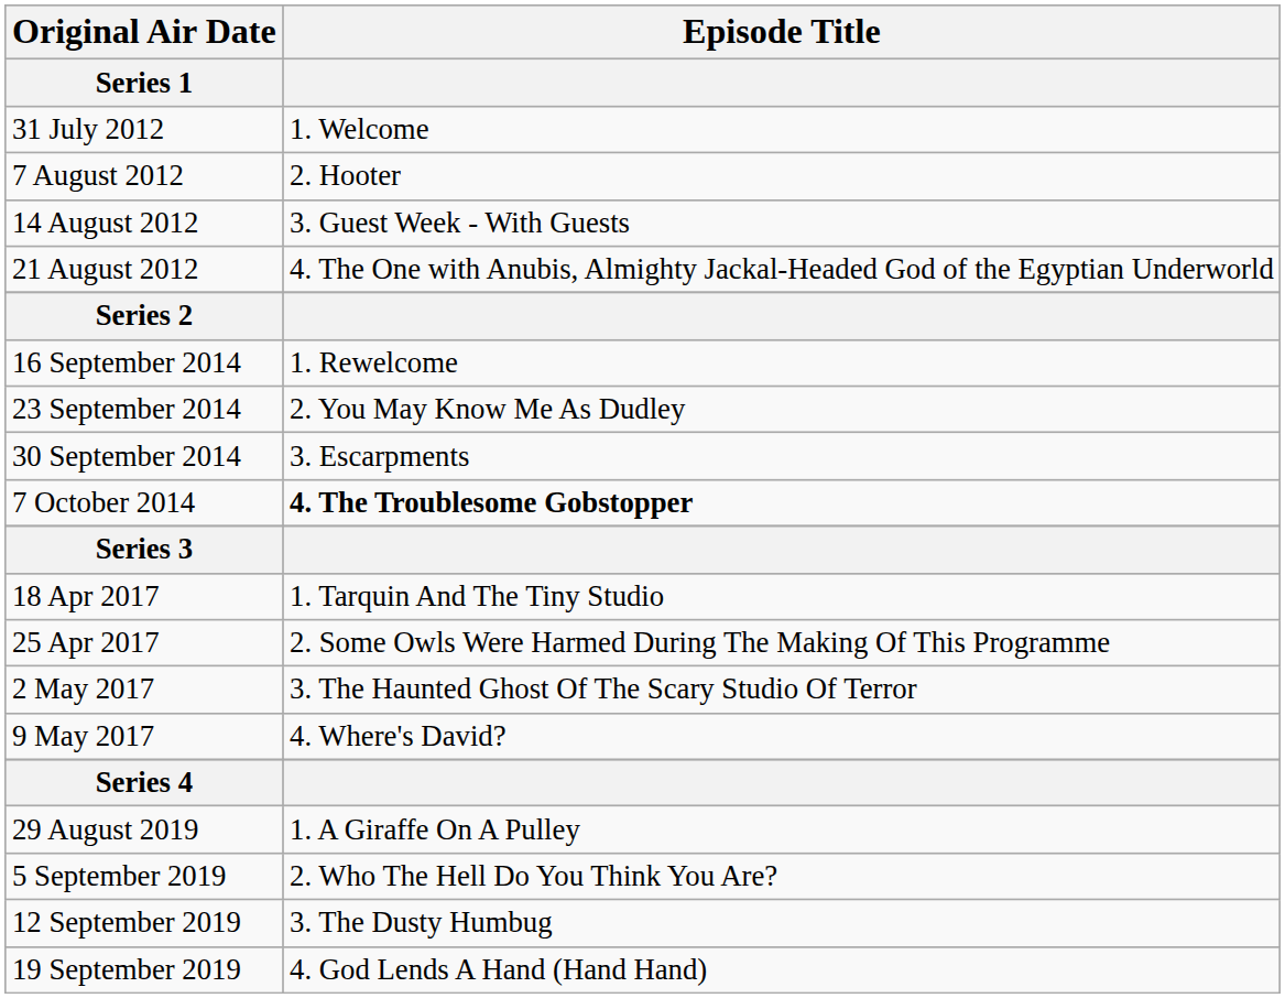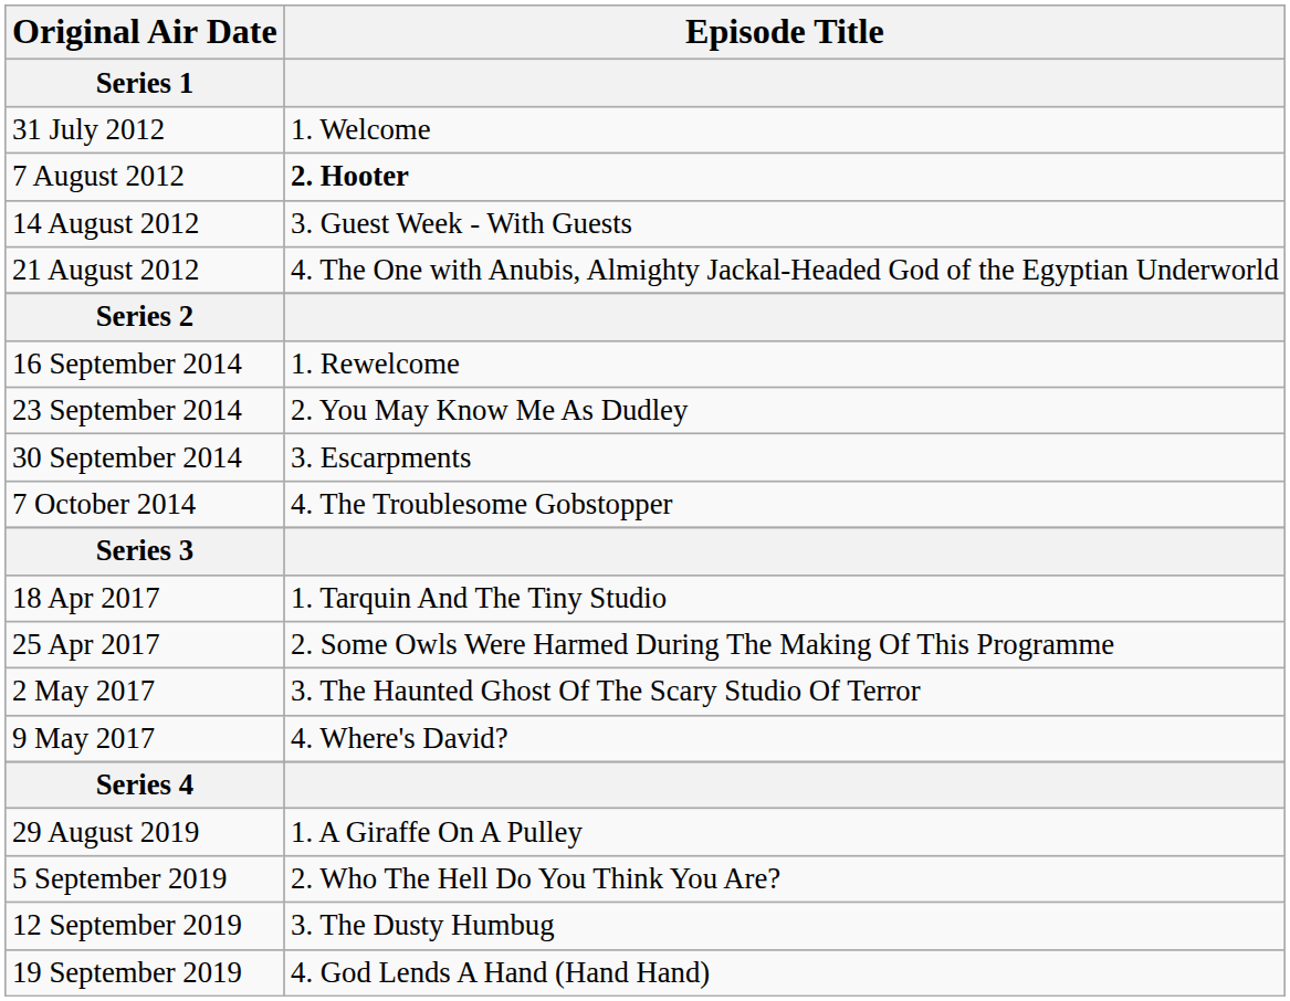 <table class="wikitable">
 <tr>
 <th><big>Original Air Date</big></th>
 <th><big>Episode Title</big></th>
 </tr>
 <tr>
 <th>Series 1</th>
 <th></th>
 </tr>
 <tr>
 <td>31 July 2012</td>
 <td>1. Welcome</td>
 </tr>
 <tr>
 <td>7 August 2012</td>
-<td>2. Hooter</td>
+<td><strong>2. Hooter</strong></td>
 </tr>
 <tr>
 <td>14 August 2012</td>
 <td>3. Guest Week - With Guests</td>
 </tr>
 <tr>
 <td>21 August 2012</td>
 <td>4. The One with Anubis, Almighty Jackal-Headed God of the Egyptian Underworld</td>
 </tr>
 <tr>
 </tr>
 <tr>
 </tr>
 <tr>
 </tr>
 <tr>
 <th>Series 2</th>
 <th></th>
 </tr>
 <tr>
 <td>16 September 2014</td>
 <td>1. Rewelcome</td>
 </tr>
 <tr>
 <td>23 September 2014</td>
 <td>2. You May Know Me As Dudley</td>
 </tr>
 <tr>
 <td>30 September 2014</td>
 <td>3. Escarpments</td>
 </tr>
 <tr>
 <td>7 October 2014</td>
-<td><strong>4. The Troublesome Gobstopper</strong></td>
+<td>4. The Troublesome Gobstopper</td>
 </tr>
 <tr>
 </tr>
 <tr>
 </tr>
 <tr>
 <th>Series 3</th>
 <th></th>
 </tr>
 <tr>
 <td>18 Apr 2017</td>
 <td>1. Tarquin And The Tiny Studio</td>
 </tr>
 <tr>
 <td>25 Apr 2017</td>
 <td>2. Some Owls Were Harmed During The Making Of This Programme</td>
 </tr>
 <tr>
 <td>2 May  2017</td>
 <td>3. The Haunted Ghost Of The Scary Studio Of Terror</td>
 </tr>
 <tr>
 <td>9 May 2017</td>
 <td>4. Where's David?</td>
 </tr>
 <tr>
 </tr>
 <tr>
 </tr>
 <tr>
 <th>Series 4</th>
 <th></th>
 </tr>
 <tr>
 <td>29 August 2019</td>
 <td>1. A Giraffe On A Pulley</td>
 </tr>
 <tr>
 <td>5 September 2019</td>
 <td>2. Who The Hell Do You Think You Are?</td>
 </tr>
 <tr>
 <td>12 September 2019</td>
 <td>3. The Dusty Humbug</td>
 </tr>
 <tr>
 <td>19 September 2019</td>
 <td>4. God Lends A Hand (Hand Hand)</td>
 </tr>
 <tr>
 </tr>
 </table>
